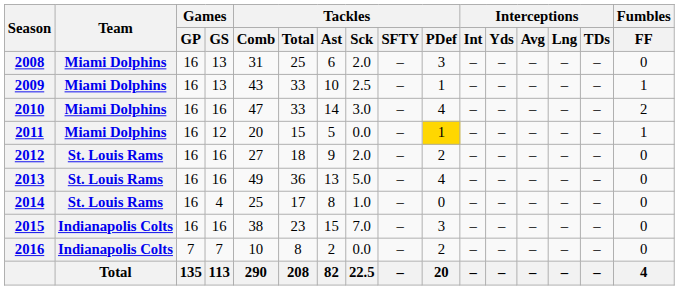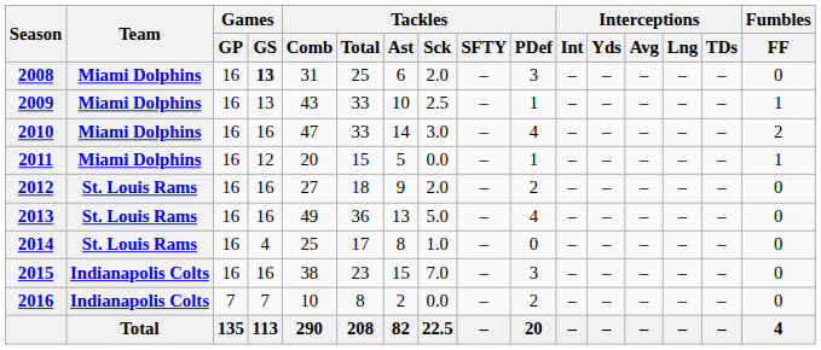 <table class=wikitable style="text-align:center;">
 <tr>
 <th rowspan=2>Season</th>
 <th rowspan=2>Team</th>
 <th colspan=2>Games</th>
 <th colspan=6>Tackles</th>
 <th colspan=5>Interceptions</th>
 <th colspan=1>Fumbles</th>
 </tr>
 <tr>
 <th>GP</th>
 <th>GS</th>
 <th>Comb</th>
 <th>Total</th>
 <th>Ast</th>
 <th>Sck</th>
 <th>SFTY</th>
 <th>PDef</th>
 <th>Int</th>
 <th>Yds</th>
 <th>Avg</th>
 <th>Lng</th>
 <th>TDs</th>
 <th>FF</th>
 </tr>
 <tr>
 <th><a href='#'>2008</a></th>
 <th><a href='#'>Miami Dolphins</a></th>
 <td>16</td>
-<td>13</td>
+<td><strong>13</strong></td>
 <td>31</td>
 <td>25</td>
 <td>6</td>
 <td>2.0</td>
 <td>–</td>
 <td>3</td>
 <td>–</td>
 <td>–</td>
 <td>–</td>
 <td>–</td>
 <td>–</td>
 <td>0</td>
 </tr>
 <tr>
 <th><a href='#'>2009</a></th>
 <th><a href='#'>Miami Dolphins</a></th>
 <td>16</td>
 <td>13</td>
 <td>43</td>
 <td>33</td>
 <td>10</td>
 <td>2.5</td>
 <td>–</td>
 <td>1</td>
 <td>–</td>
 <td>–</td>
 <td>–</td>
 <td>–</td>
 <td>–</td>
 <td>1</td>
 </tr>
 <tr>
 <th><a href='#'>2010</a></th>
 <th><a href='#'>Miami Dolphins</a></th>
 <td>16</td>
 <td>16</td>
 <td>47</td>
 <td>33</td>
 <td>14</td>
 <td>3.0</td>
 <td>–</td>
 <td>4</td>
 <td>–</td>
 <td>–</td>
 <td>–</td>
 <td>–</td>
 <td>–</td>
 <td>2</td>
 </tr>
 <tr>
 <th><a href='#'>2011</a></th>
 <th><a href='#'>Miami Dolphins</a></th>
 <td>16</td>
 <td>12</td>
 <td>20</td>
 <td>15</td>
 <td>5</td>
 <td>0.0</td>
 <td>–</td>
-<td style="background: gold;">1</td>
+<td>1</td>
 <td>–</td>
 <td>–</td>
 <td>–</td>
 <td>–</td>
 <td>–</td>
 <td>1</td>
 </tr>
 <tr>
 <th><a href='#'>2012</a></th>
 <th><a href='#'>St. Louis Rams</a></th>
 <td>16</td>
 <td>16</td>
 <td>27</td>
 <td>18</td>
 <td>9</td>
 <td>2.0</td>
 <td>–</td>
 <td>2</td>
 <td>–</td>
 <td>–</td>
 <td>–</td>
 <td>–</td>
 <td>–</td>
 <td>0</td>
 </tr>
 <tr>
 <th><a href='#'>2013</a></th>
 <th><a href='#'>St. Louis Rams</a></th>
 <td>16</td>
 <td>16</td>
 <td>49</td>
 <td>36</td>
 <td>13</td>
 <td>5.0</td>
 <td>–</td>
 <td>4</td>
 <td>–</td>
 <td>–</td>
 <td>–</td>
 <td>–</td>
 <td>–</td>
 <td>0</td>
 </tr>
 <tr>
 <th><a href='#'>2014</a></th>
 <th><a href='#'>St. Louis Rams</a></th>
 <td>16</td>
 <td>4</td>
 <td>25</td>
 <td>17</td>
 <td>8</td>
 <td>1.0</td>
 <td>–</td>
 <td>0</td>
 <td>–</td>
 <td>–</td>
 <td>–</td>
 <td>–</td>
 <td>–</td>
 <td>0</td>
 </tr>
 <tr>
 <th><a href='#'>2015</a></th>
 <th><a href='#'>Indianapolis Colts</a></th>
 <td>16</td>
 <td>16</td>
 <td>38</td>
 <td>23</td>
 <td>15</td>
 <td>7.0</td>
 <td>–</td>
 <td>3</td>
 <td>–</td>
 <td>–</td>
 <td>–</td>
 <td>–</td>
 <td>–</td>
 <td>0</td>
 </tr>
 <tr>
 <th><a href='#'>2016</a></th>
 <th><a href='#'>Indianapolis Colts</a></th>
 <td>7</td>
 <td>7</td>
 <td>10</td>
 <td>8</td>
 <td>2</td>
 <td>0.0</td>
 <td>–</td>
 <td>2</td>
 <td>–</td>
 <td>–</td>
 <td>–</td>
 <td>–</td>
 <td>–</td>
 <td>0</td>
 </tr>
 <tr>
 <th></th>
 <th>Total</th>
 <th>135</th>
 <th>113</th>
 <th>290</th>
 <th>208</th>
 <th>82</th>
 <th>22.5</th>
 <th>–</th>
 <th>20</th>
 <th>–</th>
 <th>–</th>
 <th>–</th>
 <th>–</th>
 <th>–</th>
 <th>4</th>
 </tr>
 </table>
